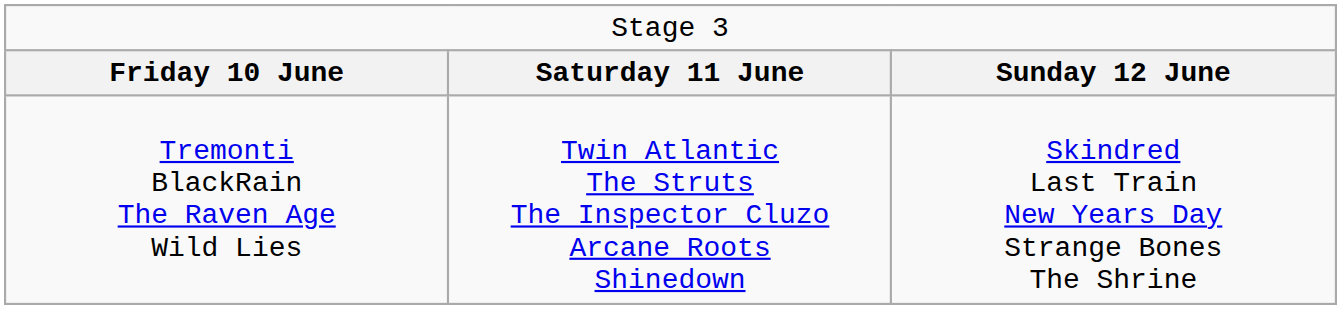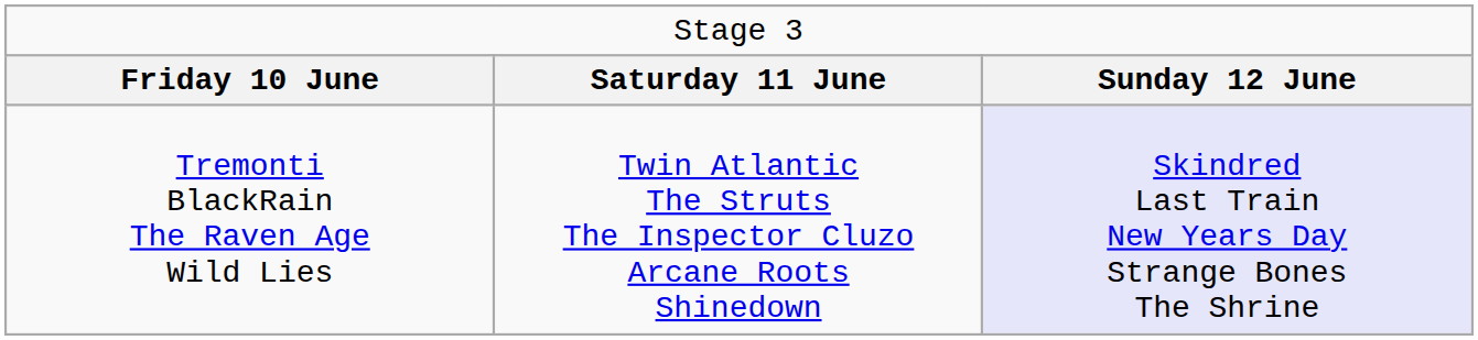 <table class="wikitable">
 <tr>
 <td colspan="3" style="text-align:center;">Stage 3</td>
 </tr>
 <tr>
 <th>Friday 10 June</th>
 <th>Saturday 11 June</th>
 <th>Sunday 12 June</th>
 </tr>
 <tr>
 <td style="text-align:center; vertical-align:top; width:200px;"><br><a href='#'>Tremonti</a><br> BlackRain<br> <a href='#'>The Raven Age</a><br> Wild Lies<br></td>
 <td style="text-align:center; vertical-align:top; width:200px;"><br><a href='#'>Twin Atlantic</a><br> <a href='#'>The Struts</a><br> <a href='#'>The Inspector Cluzo</a><br> <a href='#'>Arcane Roots</a><br> <a href='#'>Shinedown</a><br></td>
-<td style="text-align:center; vertical-align:top; width:200px;"><br><a href='#'>Skindred</a><br> Last Train<br> <a href='#'>New Years Day</a><br> Strange Bones<br> The Shrine<br></td>
+<td style="background: lavender; text-align:center; vertical-align:top; width:200px;"><br><a href='#'>Skindred</a><br> Last Train<br> <a href='#'>New Years Day</a><br> Strange Bones<br> The Shrine<br></td>
 </tr>
 </table>
